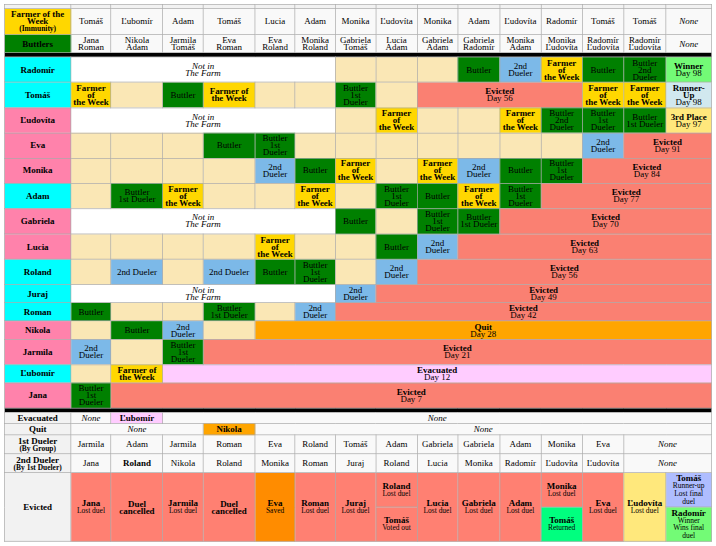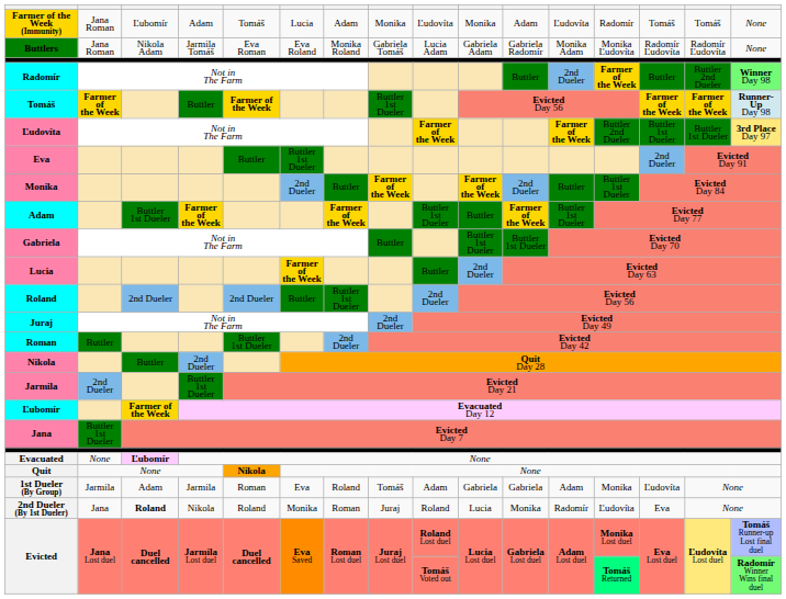 <table class="wikitable" style="text-align:center; width:80%; font-size:80%; line-height:10px">
 <tr>
 <th></th>
 <th></th>
 <th></th>
 <th></th>
 <th></th>
 <th></th>
 <th></th>
 <th></th>
 <th></th>
 <th></th>
 <th></th>
 <th></th>
 <th></th>
 <th></th>
 <th></th>
 <th></th>
 </tr>
 <tr>
 <th style="background:gold;" colspan=1>Farmer of the Week<br><small>(Immunity)</small></th>
-<td>Tomáš</td>
+<td>Jana<br>Roman</td>
 <td>Ľubomír</td>
 <td>Adam</td>
 <td>Tomáš</td>
 <td>Lucia</td>
 <td>Adam</td>
 <td>Monika</td>
 <td>Ľudovíta</td>
 <td>Monika</td>
 <td>Adam</td>
 <td>Ľudovíta</td>
 <td>Radomír</td>
 <td>Tomáš</td>
 <td>Tomáš</td>
 <td><em>None</em></td>
 </tr>
 <tr>
 <th style="background:#008000;">Buttlers</th>
 <td>Jana<br>Roman</td>
 <td>Nikola<br>Adam</td>
 <td>Jarmila<br>Tomáš</td>
 <td>Eva<br>Roman</td>
 <td>Eva<br>Roland</td>
 <td>Monika<br>Roland</td>
 <td>Gabriela<br>Tomáš</td>
 <td>Lucia<br>Adam</td>
 <td>Gabriela<br>Adam</td>
 <td>Gabriela<br>Radomír</td>
 <td>Monika<br>Adam</td>
 <td>Monika<br>Ľudovíta</td>
 <td>Radomír<br>Ľudovíta</td>
 <td>Radomír<br>Ľudovíta</td>
 <td><em>None</em></td>
 </tr>
 <tr>
 <th style="background:#000000;" colspan="16"></th>
 </tr>
 <tr>
 <th style="background:cyan;">Radomír</th>
 <td style="background:#FFFFFF; text-align:center;" colspan=6><em>Not in<br>The Farm</em></td>
 <td style="background:#FAE7B5;"></td>
 <td style="background:#FAE7B5;"></td>
 <td style="background:#FAE7B5;"></td>
 <td style="background:#008000;">Buttler</td>
 <td style="background:#7CB9E8;">2nd Dueler</td>
 <td style="background:gold;"><strong>Farmer of<br>the Week</strong></td>
 <td style="background:#008000;">Buttler</td>
 <td style="background:#008000;">Buttler<br>2nd Dueler</td>
 <td style="background:#73FB76" colspan=2><strong>Winner</strong> <br> Day 98</td>
 </tr>
 <tr>
 <th style="background:cyan;">Tomáš</th>
 <td style="background:gold;"><strong>Farmer of<br>the Week</strong></td>
 <td style="background:#FAE7B5;"></td>
 <td style="background:#008000;">Buttler</td>
 <td style="background:gold;"><strong>Farmer of<br>the Week</strong></td>
 <td style="background:#FAE7B5;"></td>
 <td style="background:#FAE7B5;"></td>
 <td style="background:#008000;">Buttler<br>1st Dueler</td>
 <td style="background:#FAE7B5;"></td>
 <td colspan=4 style="background:salmon;"><strong>Evicted</strong> <br> Day 56</td>
 <td style="background:gold;"><strong>Farmer of<br>the Week</strong></td>
 <td style="background:gold;"><strong>Farmer of<br>the Week</strong></td>
 <td style="background:#D1E8EF" colspan=2><strong>Runner-Up</strong> <br> Day 98</td>
 </tr>
 <tr>
 <th style="background:#FF82AB;">Ľudovíta</th>
 <td style="background:#FFFFFF; text-align:center;" colspan=6><em>Not in<br>The Farm</em></td>
 <td style="background:#FAE7B5;"></td>
 <td style="background:gold;"><strong>Farmer of<br>the Week</strong></td>
 <td style="background:#FAE7B5;"></td>
 <td style="background:#FAE7B5;"></td>
 <td style="background:gold;"><strong>Farmer of<br>the Week</strong></td>
 <td style="background:#008000;">Buttler<br>2nd Dueler</td>
 <td style="background:#008000;">Buttler<br>1st Dueler</td>
 <td style="background:#008000;">Buttler<br>1st Dueler</td>
 <td style="background:#FFE87C" colspan=2><strong>3rd Place</strong> <br> Day 97</td>
 </tr>
 <tr>
 <th style="background:#FF82AB;">Eva</th>
 <td style="background:#FAE7B5;"></td>
 <td style="background:#FAE7B5;"></td>
 <td style="background:#FAE7B5;"></td>
 <td style="background:#008000;">Buttler</td>
 <td style="background:#008000;">Buttler<br>1st Dueler</td>
 <td style="background:#FAE7B5;"></td>
 <td style="background:#FAE7B5;"></td>
 <td style="background:#FAE7B5;"></td>
 <td style="background:#FAE7B5;"></td>
 <td style="background:#FAE7B5;"></td>
 <td style="background:#FAE7B5;"></td>
 <td style="background:#FAE7B5;"></td>
 <td style="background:#7CB9E8;">2nd Dueler</td>
 <td colspan=16 style="background:salmon;"><strong>Evicted</strong> <br> Day 91</td>
 </tr>
 <tr>
 <th style="background:#FF82AB;">Monika</th>
 <td style="background:#FAE7B5;"></td>
 <td style="background:#FAE7B5;"></td>
 <td style="background:#FAE7B5;"></td>
 <td style="background:#FAE7B5;"></td>
 <td style="background:#7CB9E8;">2nd Dueler</td>
 <td style="background:#008000;">Buttler</td>
 <td style="background:gold;"><strong>Farmer of<br>the Week</strong></td>
 <td style="background:#FAE7B5;"></td>
 <td style="background:gold;"><strong>Farmer of<br>the Week</strong></td>
 <td style="background:#7CB9E8;">2nd Dueler</td>
 <td style="background:#008000;">Buttler</td>
 <td style="background:#008000;">Buttler<br>1st Dueler</td>
 <td colspan=16 style="background:salmon;"><strong>Evicted</strong> <br> Day 84</td>
 </tr>
 <tr>
 <th style="background:cyan;">Adam</th>
 <td style="background:#FAE7B5;"></td>
 <td style="background:#008000;">Buttler<br>1st Dueler</td>
 <td style="background:gold;"><strong>Farmer of<br>the Week</strong></td>
 <td style="background:#FAE7B5;"></td>
 <td style="background:#FAE7B5;"></td>
 <td style="background:gold;"><strong>Farmer of<br>the Week</strong></td>
 <td style="background:#FAE7B5;"></td>
 <td style="background:#008000;">Buttler<br>1st Dueler</td>
 <td style="background:#008000;">Buttler</td>
 <td style="background:gold;"><strong>Farmer of<br>the Week</strong></td>
 <td style="background:#008000;">Buttler<br>1st Dueler</td>
 <td colspan=16 style="background:salmon;"><strong>Evicted</strong> <br> Day 77</td>
 </tr>
 <tr>
 <th style="background:#FF82AB;">Gabriela</th>
 <td style="background:#FFFFFF; text-align:center;" colspan=6><em>Not in<br>The Farm</em></td>
 <td style="background:#008000;">Buttler</td>
 <td style="background:#FAE7B5;"></td>
 <td style="background:#008000;">Buttler<br>1st Dueler</td>
 <td style="background:#008000;">Buttler<br>1st Dueler</td>
 <td colspan=16 style="background:salmon;"><strong>Evicted</strong> <br> Day 70</td>
 </tr>
 <tr>
 <th style="background:#FF82AB;">Lucia</th>
 <td style="background:#FAE7B5;"></td>
 <td style="background:#FAE7B5;"></td>
 <td style="background:#FAE7B5;"></td>
 <td style="background:#FAE7B5;"></td>
 <td style="background:gold;"><strong>Farmer of<br>the Week</strong></td>
 <td style="background:#FAE7B5;"></td>
 <td style="background:#FAE7B5;"></td>
 <td style="background:#008000;">Buttler</td>
 <td style="background:#7CB9E8;">2nd Dueler</td>
 <td colspan=16 style="background:salmon;"><strong>Evicted</strong> <br> Day 63</td>
 </tr>
 <tr>
 <th style="background:cyan;">Roland</th>
 <td style="background:#FAE7B5;"></td>
 <td style="background:#7CB9E8;">2nd Dueler</td>
 <td style="background:#FAE7B5;"></td>
 <td style="background:#7CB9E8;">2nd Dueler</td>
 <td style="background:#008000;">Buttler</td>
 <td style="background:#008000;">Buttler<br>1st Dueler</td>
 <td style="background:#FAE7B5;"></td>
 <td style="background:#7CB9E8;">2nd Dueler</td>
 <td colspan=16 style="background:salmon;"><strong>Evicted</strong> <br> Day 56</td>
 </tr>
 <tr>
 <th style="background:cyan;">Juraj</th>
 <td style="background:#FFFFFF; text-align:center;" colspan=6><em>Not in<br>The Farm</em></td>
 <td style="background:#7CB9E8;">2nd Dueler</td>
 <td colspan=16 style="background:salmon;"><strong>Evicted</strong> <br> Day 49</td>
 </tr>
 <tr>
 <th style="background:cyan;">Roman</th>
 <td style="background:#008000;">Buttler</td>
 <td style="background:#FAE7B5;"></td>
 <td style="background:#FAE7B5;"></td>
 <td style="background:#008000;">Buttler<br>1st Dueler</td>
 <td style="background:#FAE7B5;"></td>
 <td style="background:#7CB9E8;">2nd Dueler</td>
 <td colspan=16 style="background:salmon;"><strong>Evicted</strong> <br> Day 42</td>
 </tr>
 <tr>
 <th style="background:#FF82AB;">Nikola</th>
 <td style="background:#FAE7B5;"></td>
 <td style="background:#008000;">Buttler</td>
 <td style="background:#7CB9E8;">2nd Dueler</td>
 <td style="background:#FAE7B5;"></td>
 <td style="background:#FFA500; text-align:center;" colspan=14><strong>Quit</strong> <br> Day 28</td>
 </tr>
 <tr>
 <th style="background:#FF82AB;">Jarmila</th>
 <td style="background:#7CB9E8;">2nd Dueler</td>
 <td style="background:#FAE7B5;"></td>
 <td style="background:#008000;">Buttler<br>1st Dueler</td>
 <td colspan=16 style="background:salmon;"><strong>Evicted</strong> <br> Day 21</td>
 </tr>
 <tr>
 <th style="background:cyan;">Ľubomír</th>
 <td style="background:#FAE7B5;"></td>
 <td style="background:gold;"><strong>Farmer of<br>the Week</strong></td>
 <td style="background:#fcf; text-align:center;" colspan=16><strong>Evacuated</strong> <br> Day 12</td>
 </tr>
 <tr>
 <th style="background:#FF82AB;">Jana</th>
 <td style="background:#008000;">Buttler<br>1st Dueler</td>
 <td colspan=16 style="background:salmon;"><strong>Evicted</strong> <br> Day 7</td>
 </tr>
 <tr>
 <th style="background:#000000;" colspan="17"></th>
 </tr>
 <tr>
 <th>Evacuated</th>
 <td colspan="1"><em>None</em></td>
 <td style="background:#fcf;"><strong>Ľubomír</strong></td>
 <td colspan="16"><em>None</em></td>
 </tr>
 <tr>
 <th>Quit</th>
 <td colspan="3"><em>None</em></td>
 <td style="background:#FFA500;"><strong>Nikola</strong></td>
 <td colspan="14"><em>None</em></td>
 </tr>
 <tr>
 <th>1st Dueler<br><small>(By Group)</small></th>
 <td>Jarmila</td>
 <td>Adam</td>
 <td>Jarmila</td>
 <td>Roman</td>
 <td>Eva</td>
 <td>Roland</td>
 <td>Tomáš</td>
 <td>Adam</td>
 <td>Gabriela</td>
 <td>Gabriela</td>
 <td>Adam</td>
 <td>Monika</td>
-<td>Eva</td>
+<td>Ľudovíta</td>
 <td colspan=3><em>None</em></td>
 </tr>
 <tr>
 <th>2nd Dueler<br><small>(By 1st Dueler)</small></th>
 <td>Jana</td>
 <td><strong>Roland</strong></td>
 <td>Nikola</td>
 <td>Roland</td>
 <td>Monika</td>
 <td>Roman</td>
 <td>Juraj</td>
 <td>Roland</td>
 <td>Lucia</td>
 <td>Monika</td>
 <td>Radomír</td>
 <td>Ľudovíta</td>
-<td>Ľudovíta</td>
+<td>Eva</td>
 <td colspan=3><em>None</em></td>
 </tr>
 <tr>
 <th rowspan="2">Evicted</th>
 <td rowspan="2" style="background:#FF8072"><strong>Jana</strong><br><small>Lost duel</small></td>
 <td rowspan="2" style="background:#FF8072"><strong>Duel cancelled</strong></td>
 <td rowspan="2" style="background:#FF8072"><strong>Jarmila</strong><br><small>Lost duel</small></td>
 <td rowspan="2" style="background:#FF8072"><strong>Duel cancelled</strong></td>
 <td rowspan="2" style="background:#FF8C00"><strong>Eva</strong><br><small>Saved</small></td>
 <td rowspan="2" style="background:#FF8072"><strong>Roman</strong><br><small>Lost duel</small></td>
 <td rowspan="2" style="background:#FF8072"><strong>Juraj</strong><br><small>Lost duel</small></td>
 <td style="background:#FF8072"><strong>Roland</strong><br><small>Lost duel</small></td>
 <td rowspan="2" style="background:#FF8072"><strong>Lucia</strong><br><small>Lost duel</small></td>
 <td rowspan="2" style="background:#FF8072"><strong>Gabriela</strong><br><small>Lost duel</small></td>
 <td rowspan="2" style="background:#FF8072"><strong>Adam</strong><br><small>Lost duel</small></td>
 <td style="background:#FF8072"><strong>Monika</strong><br><small>Lost duel</small></td>
 <td rowspan="2" style="background:#FF8072"><strong>Eva</strong><br><small>Lost duel</small></td>
 <td rowspan="2" style="background:#FFE87C"><strong>Ľudovíta</strong><br><small>Lost duel</small></td>
 <td style="background:#afbdff"><strong>Tomáš</strong><br><small>Runner-up<br>Lost final duel</small></td>
 </tr>
 <tr>
 <td style="background:#FF8072"><strong>Tomáš</strong><br><small>Voted out</small></td>
 <td style="background:#00FF7F"><strong>Tomáš</strong><br><small>Returned</small></td>
 <td style="background:#73FB76"><strong>Radomír</strong><br><small>Winner<br>Wins final duel</small></td>
 </tr>
 </table>
